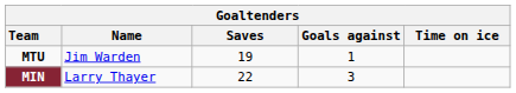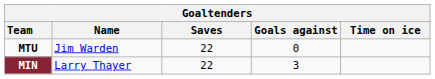 <table class="wikitable" style="width:40em; text-align:right;">
 <tr>
 <th colspan=5>Goaltenders</th>
 </tr>
 <tr>
 <th style="width:4em; text-align:left;">Team</th>
 <th style="width:10em;">Name</th>
 <th style="width:8em;">Saves</th>
 <th style="width:8em;">Goals against</th>
 <th style="width:8em;">Time on ice</th>
 </tr>
 <tr>
 <td align=center><strong>MTU</strong></td>
 <td style="text-align:left;"><a href='#'>Jim Warden</a></td>
-<td align=center>19</td>
-<td align=center>1</td>
+<td align=center>22</td>
+<td align=center>0</td>
 <td align=center></td>
 </tr>
 <tr>
 <td align=center style="color:white; background:#862334; "><strong>MIN</strong></td>
 <td style="text-align:left;"><a href='#'>Larry Thayer</a></td>
 <td align=center>22</td>
 <td align=center>3</td>
 <td align=center></td>
 </tr>
 </table>
